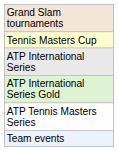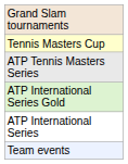 <table class="wikitable"  style="font-size:95%; width:13%;">
 <tr style="background:#F3E6D7;">
 <td>Grand Slam tournaments</td>
 </tr>
 <tr style="background:#FFFFCC;">
 <td>Tennis Masters Cup</td>
 </tr>
 <tr style="background:#E9E9E9;">
-<td>ATP International Series</td>
+<td>ATP Tennis Masters Series</td>
 </tr>
 <tr style="background:#DDF3D1;">
 <td>ATP International Series Gold</td>
 </tr>
 <tr style="background:#fff;">
-<td>ATP Tennis Masters Series</td>
+<td>ATP International Series</td>
 </tr>
 <tr style="background:#ECF2FF;">
 <td>Team events</td>
 </tr>
 </table>
